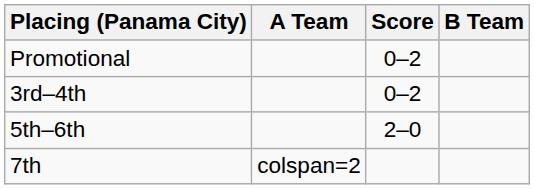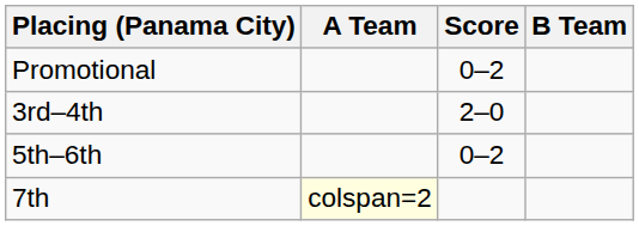 <table class=wikitable style="border:1px solid #AAAAAA;">
 <tr>
 <th>Placing (Panama City)</th>
 <th>A Team</th>
 <th>Score</th>
 <th>B Team</th>
 </tr>
 <tr>
 <td>Promotional</td>
 <td></td>
 <td align="center">0–2</td>
 <td><strong></strong></td>
 </tr>
 <tr>
 <td>3rd–4th</td>
 <td><strong></strong></td>
-<td align="center">0–2</td>
+<td align="center">2–0</td>
 <td></td>
 </tr>
 <tr>
 <td>5th–6th</td>
 <td><strong></strong></td>
-<td align="center">2–0</td>
+<td align="center">0–2</td>
 <td></td>
 </tr>
 <tr>
 <td>7th</td>
-<td>colspan=2 </td>
+<td style="background: lightyellow;">colspan=2 </td>
 <td></td>
 </tr>
 </table>
